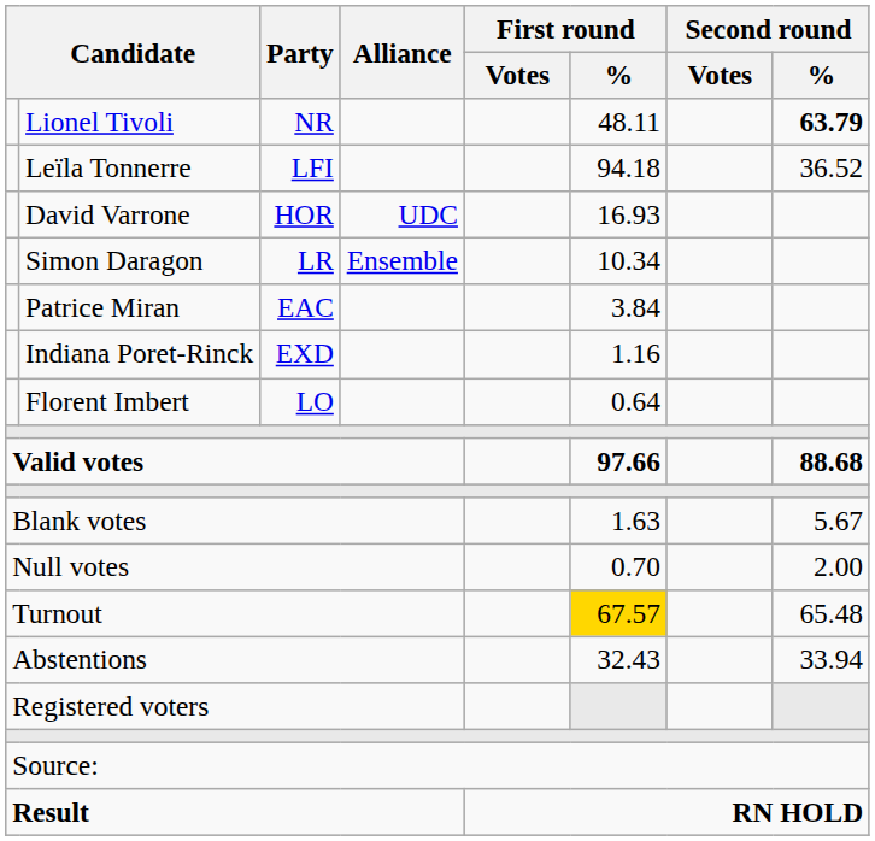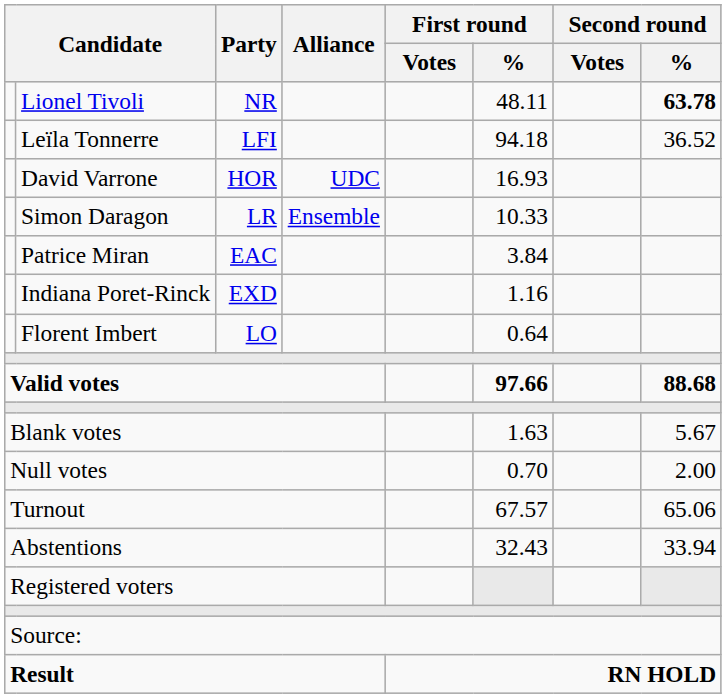 <table class="wikitable" style="text-align:right;font-size:95%;">
 <tr>
 <th colspan="2" rowspan="2">Candidate</th>
 <th colspan="1" rowspan="2">Party</th>
 <th colspan="1" rowspan="2">Alliance</th>
 <th colspan="2">First round</th>
 <th colspan="2">Second round</th>
 </tr>
 <tr>
 <th style="width:50px;">Votes</th>
 <th style="width:45px;">%</th>
 <th style="width:50px;">Votes</th>
 <th style="width:45px;">%</th>
 </tr>
 <tr>
 <td style="color:inherit;background:"></td>
 <td style="text-align:left;"><a href='#'>Lionel Tivoli</a></td>
 <td><a href='#'>NR</a></td>
 <td></td>
 <td></td>
 <td>48.11</td>
 <td><strong></strong></td>
-<td><strong>63.79</strong></td>
+<td><strong>63.78</strong></td>
 </tr>
 <tr>
 <td style="color:inherit;background:"></td>
 <td style="text-align:left;">Leïla Tonnerre</td>
 <td><a href='#'>LFI</a></td>
 <td></td>
 <td></td>
 <td>94.18</td>
 <td></td>
 <td>36.52</td>
 </tr>
 <tr>
 <td style="color:inherit;background:"></td>
 <td style="text-align:left;">David Varrone</td>
 <td><a href='#'>HOR</a></td>
 <td><a href='#'>UDC</a></td>
 <td></td>
 <td>16.93</td>
 <td></td>
 <td></td>
 </tr>
 <tr>
 <td style="color:inherit;background:"></td>
 <td style="text-align:left;">Simon Daragon</td>
 <td><a href='#'>LR</a></td>
 <td><a href='#'>Ensemble</a></td>
 <td></td>
-<td>10.34</td>
+<td>10.33</td>
 <td></td>
 <td></td>
 </tr>
 <tr>
 <td style="color:inherit;background:"></td>
 <td style="text-align:left;">Patrice Miran</td>
 <td><a href='#'>EAC</a></td>
 <td></td>
 <td></td>
 <td>3.84</td>
 <td></td>
 <td></td>
 </tr>
 <tr>
 <td style="color:inherit;background:"></td>
 <td style="text-align:left;">Indiana Poret-Rinck</td>
 <td><a href='#'>EXD</a></td>
 <td></td>
 <td></td>
 <td>1.16</td>
 <td></td>
 <td></td>
 </tr>
 <tr>
 <td style="color:inherit;background:"></td>
 <td style="text-align:left;">Florent Imbert</td>
 <td><a href='#'>LO</a></td>
 <td></td>
 <td></td>
 <td>0.64</td>
 <td></td>
 <td></td>
 </tr>
 <tr>
 <td colspan="8" style="background:#E9E9E9;"></td>
 </tr>
 <tr style="font-weight:bold;">
 <td colspan="4" style="text-align:left;">Valid votes</td>
 <td></td>
 <td>97.66</td>
 <td></td>
 <td>88.68</td>
 </tr>
 <tr>
 <td colspan="8" style="background:#E9E9E9;"></td>
 </tr>
 <tr>
 <td colspan="4" style="text-align:left;">Blank votes</td>
 <td></td>
 <td>1.63</td>
 <td></td>
 <td>5.67</td>
 </tr>
 <tr>
 <td colspan="4" style="text-align:left;">Null votes</td>
 <td></td>
 <td>0.70</td>
 <td></td>
 <td>2.00</td>
 </tr>
 <tr>
 <td colspan="4" style="text-align:left;">Turnout</td>
 <td></td>
-<td style="background: gold;">67.57</td>
+<td>67.57</td>
 <td></td>
-<td>65.48</td>
+<td>65.06</td>
 </tr>
 <tr>
 <td colspan="4" style="text-align:left;">Abstentions</td>
 <td></td>
 <td>32.43</td>
 <td></td>
 <td>33.94</td>
 </tr>
 <tr>
 <td colspan="4" style="text-align:left;">Registered voters</td>
 <td></td>
 <td style="background:#E9E9E9;"></td>
 <td></td>
 <td style="background:#E9E9E9;"></td>
 </tr>
 <tr>
 <td colspan="8" style="background:#E9E9E9;"></td>
 </tr>
 <tr>
 <td colspan="8" style="text-align:left;">Source: </td>
 </tr>
 <tr style="font-weight:bold">
 <td colspan="4" style="text-align:left;">Result</td>
 <td colspan="4" style="background-color:">RN HOLD</td>
 </tr>
 </table>
